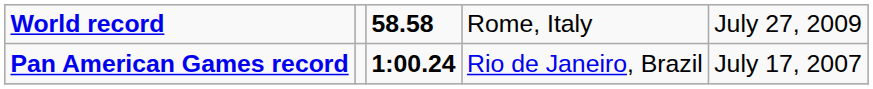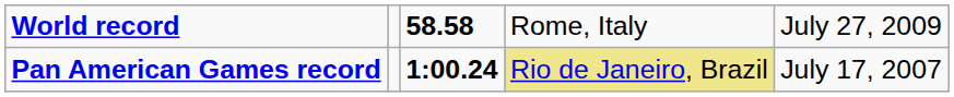 <table class="wikitable">
 <tr>
 <td><strong><a href='#'>World record</a></strong></td>
 <td></td>
 <td><strong>58.58</strong></td>
 <td>Rome, Italy</td>
 <td>July 27, 2009</td>
 </tr>
 <tr>
 <td><strong><a href='#'>Pan American Games record</a></strong></td>
 <td></td>
 <td><strong>1:00.24</strong></td>
-<td><a href='#'>Rio de Janeiro</a>, Brazil</td>
+<td style="background: khaki;"><a href='#'>Rio de Janeiro</a>, Brazil</td>
 <td>July 17, 2007</td>
 </tr>
 </table>
